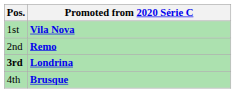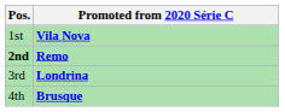 <table class="wikitable">
 <tr>
 <th align="center">Pos.</th>
 <th width="300">Promoted from <a href='#'>2020 Série C</a></th>
 </tr>
 <tr style="background: #ACE1AF;">
 <td>1st</td>
 <td><strong><a href='#'>Vila Nova</a></strong></td>
 </tr>
 <tr style="background: #ACE1AF;">
-<td>2nd</td>
+<td><strong>2nd</strong></td>
 <td><strong><a href='#'>Remo</a></strong></td>
 </tr>
 <tr style="background: #ACE1AF;">
-<td><strong>3rd</strong></td>
+<td>3rd</td>
 <td><strong><a href='#'>Londrina</a></strong></td>
 </tr>
 <tr style="background: #ACE1AF;">
 <td>4th</td>
 <td><strong><a href='#'>Brusque</a></strong></td>
 </tr>
 </table>
